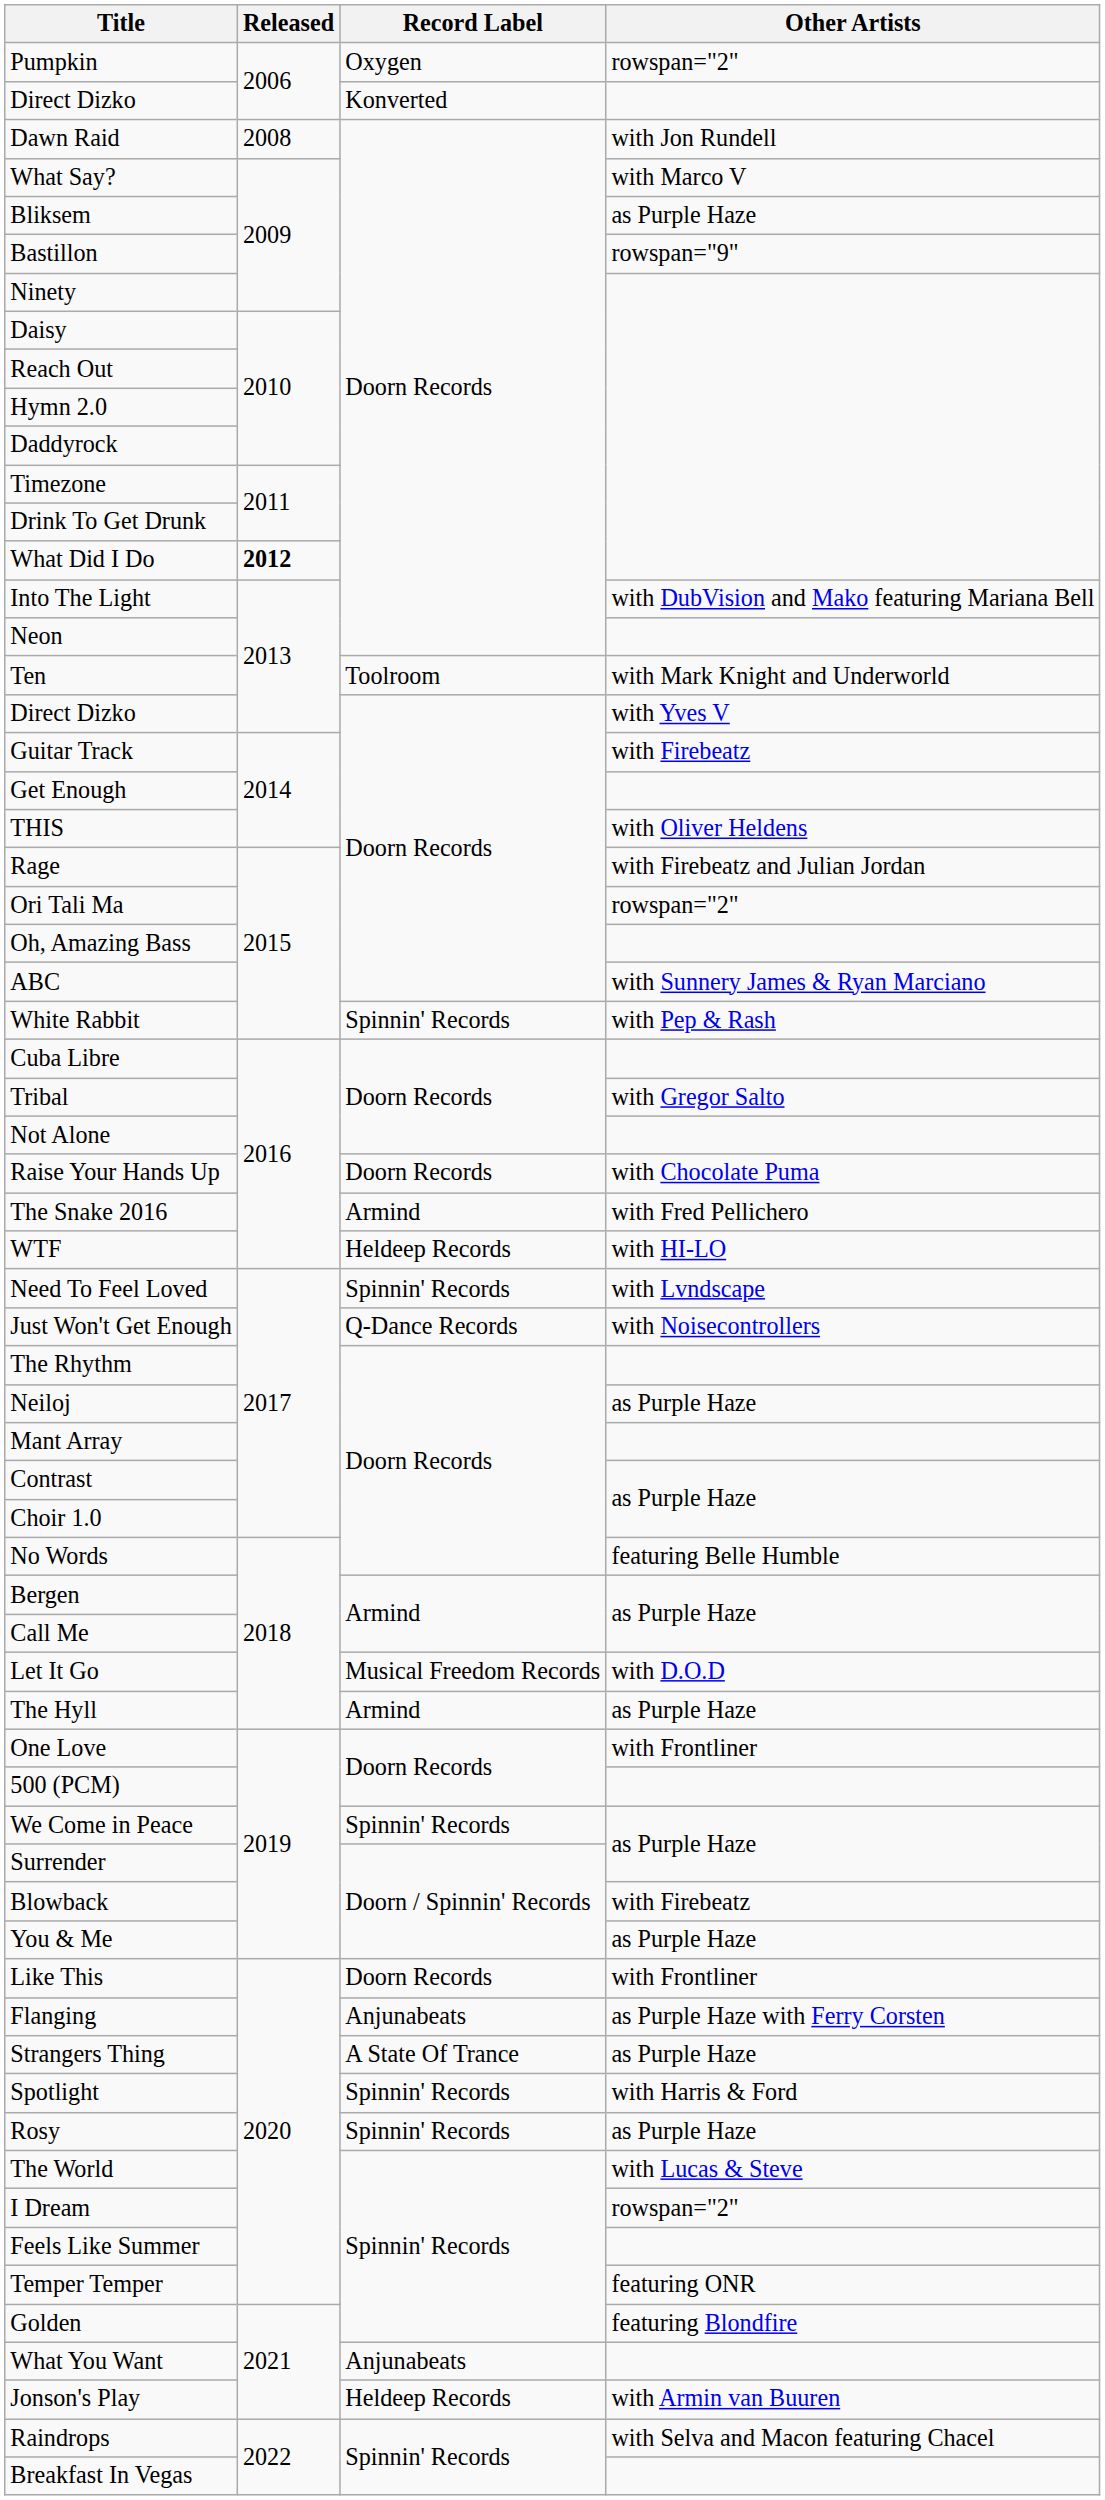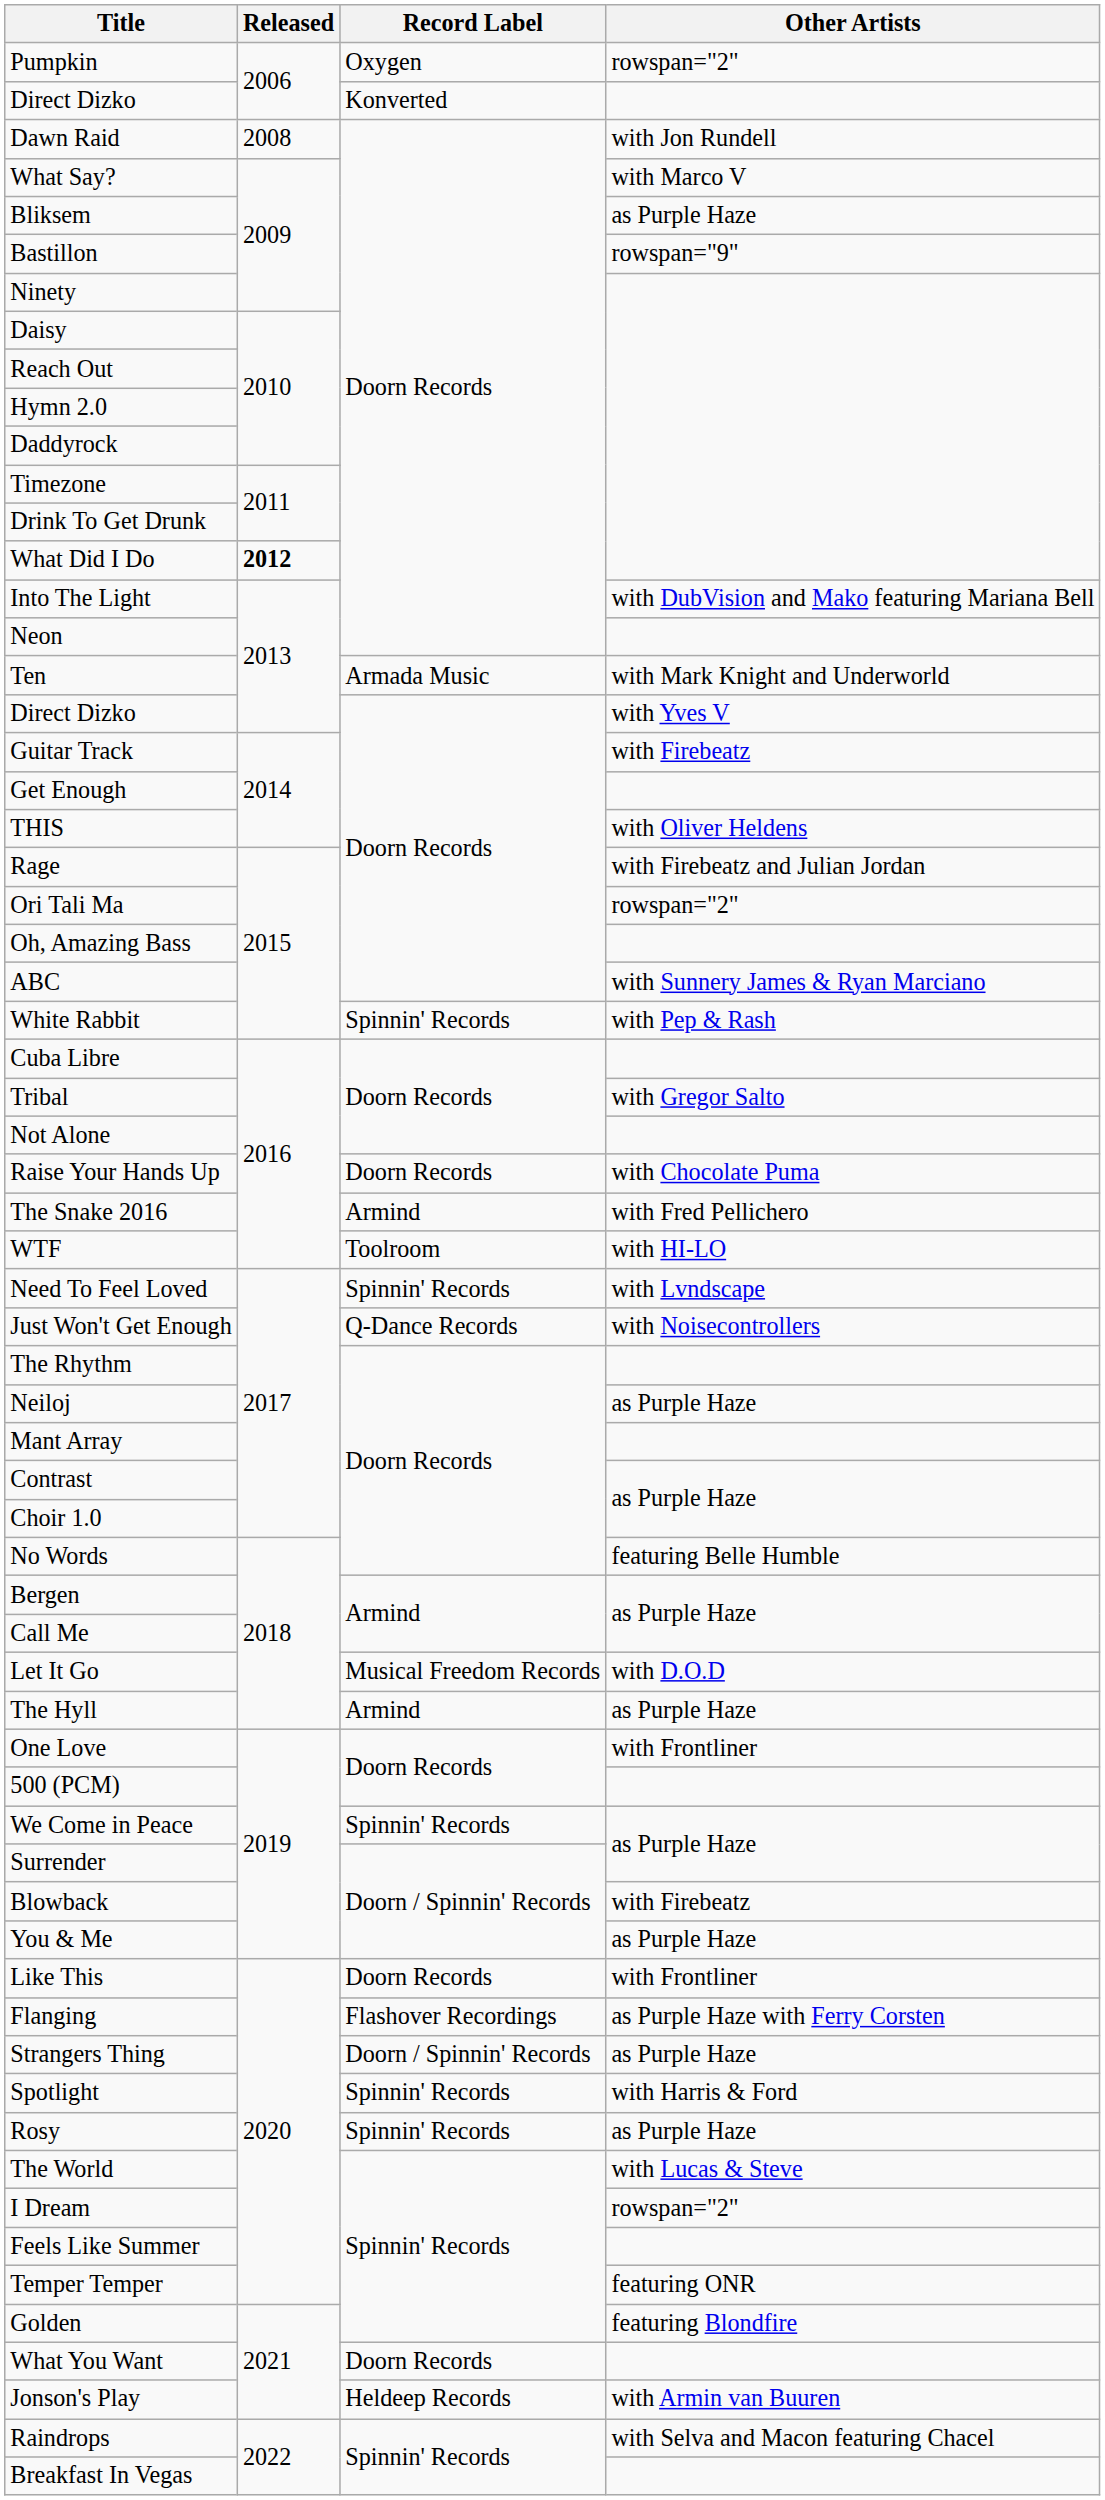 <table class="wikitable plainrowheaders">
 <tr>
 <th>Title</th>
 <th>Released</th>
 <th>Record Label</th>
 <th>Other Artists</th>
 </tr>
 <tr>
 <td>Pumpkin</td>
 <td rowspan="2">2006</td>
 <td>Oxygen</td>
 <td>rowspan="2" </td>
 </tr>
 <tr>
 <td>Direct Dizko</td>
 <td>Konverted</td>
 </tr>
 <tr>
 <td>Dawn Raid</td>
 <td>2008</td>
 <td rowspan="14">Doorn Records</td>
 <td>with Jon Rundell</td>
 </tr>
 <tr>
 <td>What Say?</td>
 <td rowspan="4">2009</td>
 <td>with Marco V</td>
 </tr>
 <tr>
 <td>Bliksem</td>
 <td>as Purple Haze</td>
 </tr>
 <tr>
 <td>Bastillon</td>
 <td>rowspan="9" </td>
 </tr>
 <tr>
 <td>Ninety</td>
 </tr>
 <tr>
 <td>Daisy</td>
 <td rowspan="4">2010</td>
 </tr>
 <tr>
 <td>Reach Out</td>
 </tr>
 <tr>
 <td>Hymn 2.0</td>
 </tr>
 <tr>
 <td>Daddyrock</td>
 </tr>
 <tr>
 <td>Timezone</td>
 <td rowspan="2">2011</td>
 </tr>
 <tr>
 <td>Drink To Get Drunk</td>
 </tr>
 <tr>
 <td>What Did I Do</td>
 <td><strong>2012</strong></td>
 </tr>
 <tr>
 <td>Into The Light</td>
 <td rowspan="4">2013</td>
 <td>with <a href='#'>DubVision</a> and <a href='#'>Mako</a> featuring Mariana Bell</td>
 </tr>
 <tr>
 <td>Neon</td>
 <td></td>
 </tr>
 <tr>
 <td>Ten</td>
-<td>Toolroom</td>
+<td>Armada Music</td>
 <td>with Mark Knight and Underworld</td>
 </tr>
 <tr>
 <td>Direct Dizko</td>
 <td rowspan="8">Doorn Records</td>
 <td>with <a href='#'>Yves V</a></td>
 </tr>
 <tr>
 <td>Guitar Track</td>
 <td rowspan="3">2014</td>
 <td>with <a href='#'>Firebeatz</a></td>
 </tr>
 <tr>
 <td>Get Enough</td>
 <td></td>
 </tr>
 <tr>
 <td>THIS</td>
 <td>with <a href='#'>Oliver Heldens</a></td>
 </tr>
 <tr>
 <td>Rage</td>
 <td rowspan="5">2015</td>
 <td>with Firebeatz and Julian Jordan</td>
 </tr>
 <tr>
 <td>Ori Tali Ma</td>
 <td>rowspan="2" </td>
 </tr>
 <tr>
 <td>Oh, Amazing Bass</td>
 </tr>
 <tr>
 <td>ABC</td>
 <td>with <a href='#'>Sunnery James & Ryan Marciano</a></td>
 </tr>
 <tr>
 <td>White Rabbit</td>
 <td>Spinnin' Records</td>
 <td>with <a href='#'>Pep & Rash</a></td>
 </tr>
 <tr>
 <td>Cuba Libre</td>
 <td rowspan="6">2016</td>
 <td rowspan="3">Doorn Records</td>
 <td></td>
 </tr>
 <tr>
 <td>Tribal</td>
 <td>with <a href='#'>Gregor Salto</a></td>
 </tr>
 <tr>
 <td>Not Alone</td>
 <td></td>
 </tr>
 <tr>
 <td>Raise Your Hands Up</td>
 <td>Doorn Records</td>
 <td>with <a href='#'>Chocolate Puma</a></td>
 </tr>
 <tr>
 <td>The Snake 2016</td>
 <td>Armind</td>
 <td>with Fred Pellichero</td>
 </tr>
 <tr>
 <td>WTF</td>
-<td>Heldeep Records</td>
+<td>Toolroom</td>
 <td>with <a href='#'>HI-LO</a></td>
 </tr>
 <tr>
 <td>Need To Feel Loved</td>
 <td rowspan="7">2017</td>
 <td>Spinnin' Records</td>
 <td>with <a href='#'>Lvndscape</a></td>
 </tr>
 <tr>
 <td>Just Won't Get Enough</td>
 <td>Q-Dance Records</td>
 <td>with <a href='#'>Noisecontrollers</a></td>
 </tr>
 <tr>
 <td>The Rhythm</td>
 <td rowspan="6">Doorn Records</td>
 <td></td>
 </tr>
 <tr>
 <td>Neiloj</td>
 <td>as Purple Haze</td>
 </tr>
 <tr>
 <td>Mant Array</td>
 <td></td>
 </tr>
 <tr>
 <td>Contrast</td>
 <td rowspan="2">as Purple Haze</td>
 </tr>
 <tr>
 <td>Choir 1.0</td>
 </tr>
 <tr>
 <td>No Words</td>
 <td rowspan="5">2018</td>
 <td>featuring Belle Humble</td>
 </tr>
 <tr>
 <td>Bergen</td>
 <td rowspan="2">Armind</td>
 <td rowspan="2">as Purple Haze</td>
 </tr>
 <tr>
 <td>Call Me</td>
 </tr>
 <tr>
 <td>Let It Go</td>
 <td>Musical Freedom Records</td>
 <td>with <a href='#'>D.O.D</a></td>
 </tr>
 <tr>
 <td>The Hyll</td>
 <td>Armind</td>
 <td>as Purple Haze</td>
 </tr>
 <tr>
 <td>One Love</td>
 <td rowspan="6">2019</td>
 <td rowspan="2">Doorn Records</td>
 <td>with Frontliner</td>
 </tr>
 <tr>
 <td>500 (PCM)</td>
 <td></td>
 </tr>
 <tr>
 <td>We Come in Peace</td>
 <td>Spinnin' Records</td>
 <td rowspan="2">as Purple Haze</td>
 </tr>
 <tr>
 <td>Surrender</td>
 <td rowspan="3">Doorn / Spinnin' Records</td>
 </tr>
 <tr>
 <td>Blowback</td>
 <td>with Firebeatz</td>
 </tr>
 <tr>
 <td>You & Me</td>
 <td>as Purple Haze</td>
 </tr>
 <tr>
 <td>Like This</td>
 <td rowspan="9">2020</td>
 <td>Doorn Records</td>
 <td>with Frontliner</td>
 </tr>
 <tr>
 <td>Flanging</td>
-<td>Anjunabeats</td>
+<td>Flashover Recordings</td>
 <td>as Purple Haze with <a href='#'>Ferry Corsten</a></td>
 </tr>
 <tr>
 <td>Strangers Thing</td>
-<td>A State Of Trance</td>
+<td>Doorn / Spinnin' Records</td>
 <td>as Purple Haze</td>
 </tr>
 <tr>
 <td>Spotlight</td>
 <td>Spinnin' Records</td>
 <td>with Harris & Ford</td>
 </tr>
 <tr>
 <td>Rosy</td>
 <td>Spinnin' Records</td>
 <td>as Purple Haze</td>
 </tr>
 <tr>
 <td>The World</td>
 <td rowspan="5">Spinnin' Records</td>
 <td>with <a href='#'>Lucas & Steve</a></td>
 </tr>
 <tr>
 <td>I Dream</td>
 <td>rowspan="2" </td>
 </tr>
 <tr>
 <td>Feels Like Summer</td>
 </tr>
 <tr>
 <td>Temper Temper</td>
 <td>featuring ONR</td>
 </tr>
 <tr>
 <td>Golden</td>
 <td rowspan="3">2021</td>
 <td>featuring <a href='#'>Blondfire</a></td>
 </tr>
 <tr>
 <td>What You Want</td>
-<td>Anjunabeats</td>
+<td>Doorn Records</td>
 <td></td>
 </tr>
 <tr>
 <td>Jonson's Play</td>
 <td>Heldeep Records</td>
 <td>with <a href='#'>Armin van Buuren</a></td>
 </tr>
 <tr>
 <td>Raindrops</td>
 <td rowspan="2">2022</td>
 <td rowspan="2">Spinnin' Records</td>
 <td>with Selva and Macon featuring Chacel</td>
 </tr>
 <tr>
 <td>Breakfast In Vegas</td>
 <td></td>
 </tr>
 </table>
